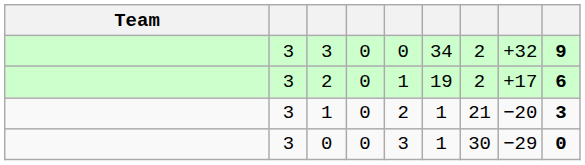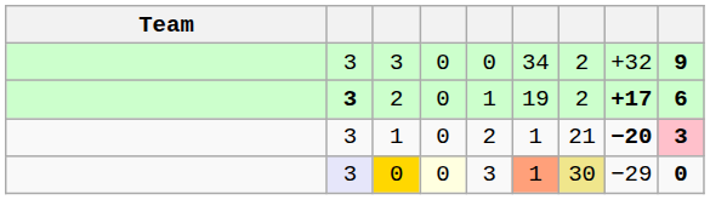 <table class="wikitable" style="text-align: center;">
 <tr>
 <th width="175">Team</th>
 <th width="20"></th>
 <th width="20"></th>
 <th width="20"></th>
 <th width="20"></th>
 <th width="20"></th>
 <th width="20"></th>
 <th width="20"></th>
 <th width="20"></th>
 </tr>
 <tr bgcolor=ccffcc>
 <td align=left></td>
 <td>3</td>
 <td>3</td>
 <td>0</td>
 <td>0</td>
 <td>34</td>
 <td>2</td>
 <td>+32</td>
 <td><strong>9</strong></td>
 </tr>
 <tr bgcolor=ccffcc>
 <td align=left><em></em></td>
-<td>3</td>
+<td><strong>3</strong></td>
 <td>2</td>
 <td>0</td>
 <td>1</td>
 <td>19</td>
 <td>2</td>
-<td>+17</td>
+<td><strong>+17</strong></td>
 <td><strong>6</strong></td>
 </tr>
 <tr>
 <td align=left></td>
 <td>3</td>
 <td>1</td>
 <td>0</td>
 <td>2</td>
 <td>1</td>
 <td>21</td>
-<td>−20</td>
-<td><strong>3</strong></td>
+<td><strong>−20</strong></td>
+<td style="background: pink;"><strong>3</strong></td>
 </tr>
 <tr>
 <td align=left></td>
+<td style="background: lavender;">3</td>
+<td style="background: gold;">0</td>
+<td style="background: lightyellow;">0</td>
 <td>3</td>
-<td>0</td>
-<td>0</td>
-<td>3</td>
-<td>1</td>
-<td>30</td>
+<td style="background: lightsalmon;">1</td>
+<td style="background: khaki;">30</td>
 <td>−29</td>
 <td><strong>0</strong></td>
 </tr>
 </table>
